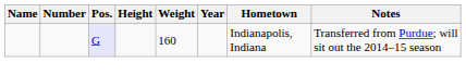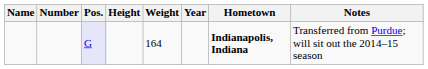 <table class="wikitable sortable" border="1">
 <tr>
 <th>Name</th>
 <th>Number</th>
 <th>Pos.</th>
 <th>Height</th>
 <th>Weight</th>
 <th>Year</th>
 <th>Hometown</th>
 <th class="unsortable">Notes</th>
 </tr>
 <tr>
 <td></td>
 <td></td>
 <td style="background: lavender;"><a href='#'>G</a></td>
 <td></td>
-<td>160</td>
+<td>164</td>
 <td></td>
-<td>Indianapolis, Indiana</td>
+<td><strong>Indianapolis, Indiana</strong></td>
 <td>Transferred from <a href='#'>Purdue</a>; will sit out the 2014–15 season</td>
 </tr>
 </table>
